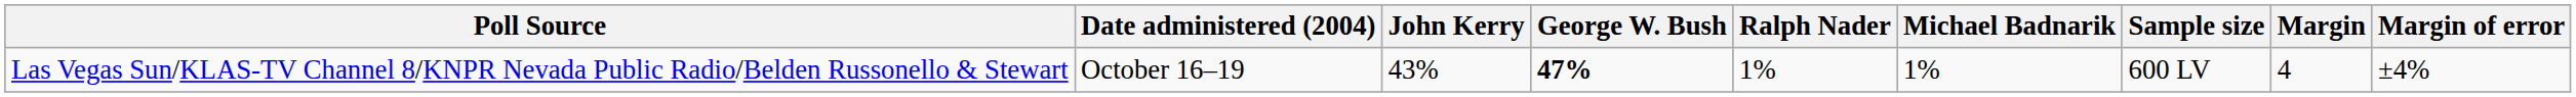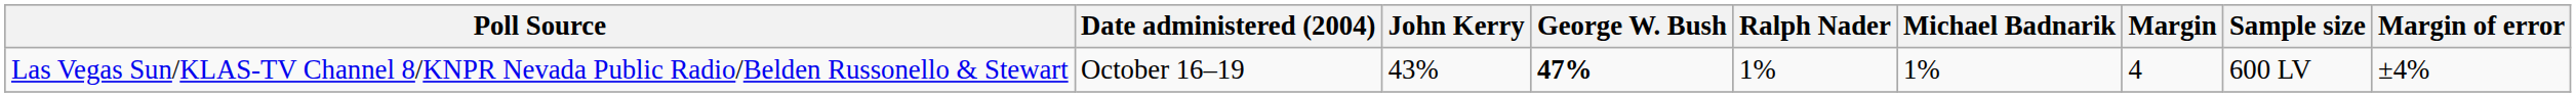 <table class="wikitable">
 <tr>
 <th>Poll Source</th>
 <th>Date administered (2004)</th>
 <th>John Kerry</th>
 <th>George W. Bush</th>
 <th>Ralph Nader</th>
 <th>Michael Badnarik</th>
+<th>Margin</th>
 <th>Sample size</th>
-<th>Margin</th>
 <th>Margin of error</th>
 </tr>
 <tr>
 <td><a href='#'>Las Vegas Sun</a>/<a href='#'>KLAS-TV Channel 8</a>/<a href='#'>KNPR Nevada Public Radio</a>/<a href='#'>Belden Russonello & Stewart</a></td>
 <td>October 16–19</td>
 <td>43%</td>
 <td><strong>47%</strong></td>
 <td>1%</td>
 <td>1%</td>
+<td>4</td>
 <td>600 LV</td>
-<td>4</td>
 <td>±4%</td>
 </tr>
 </table>
